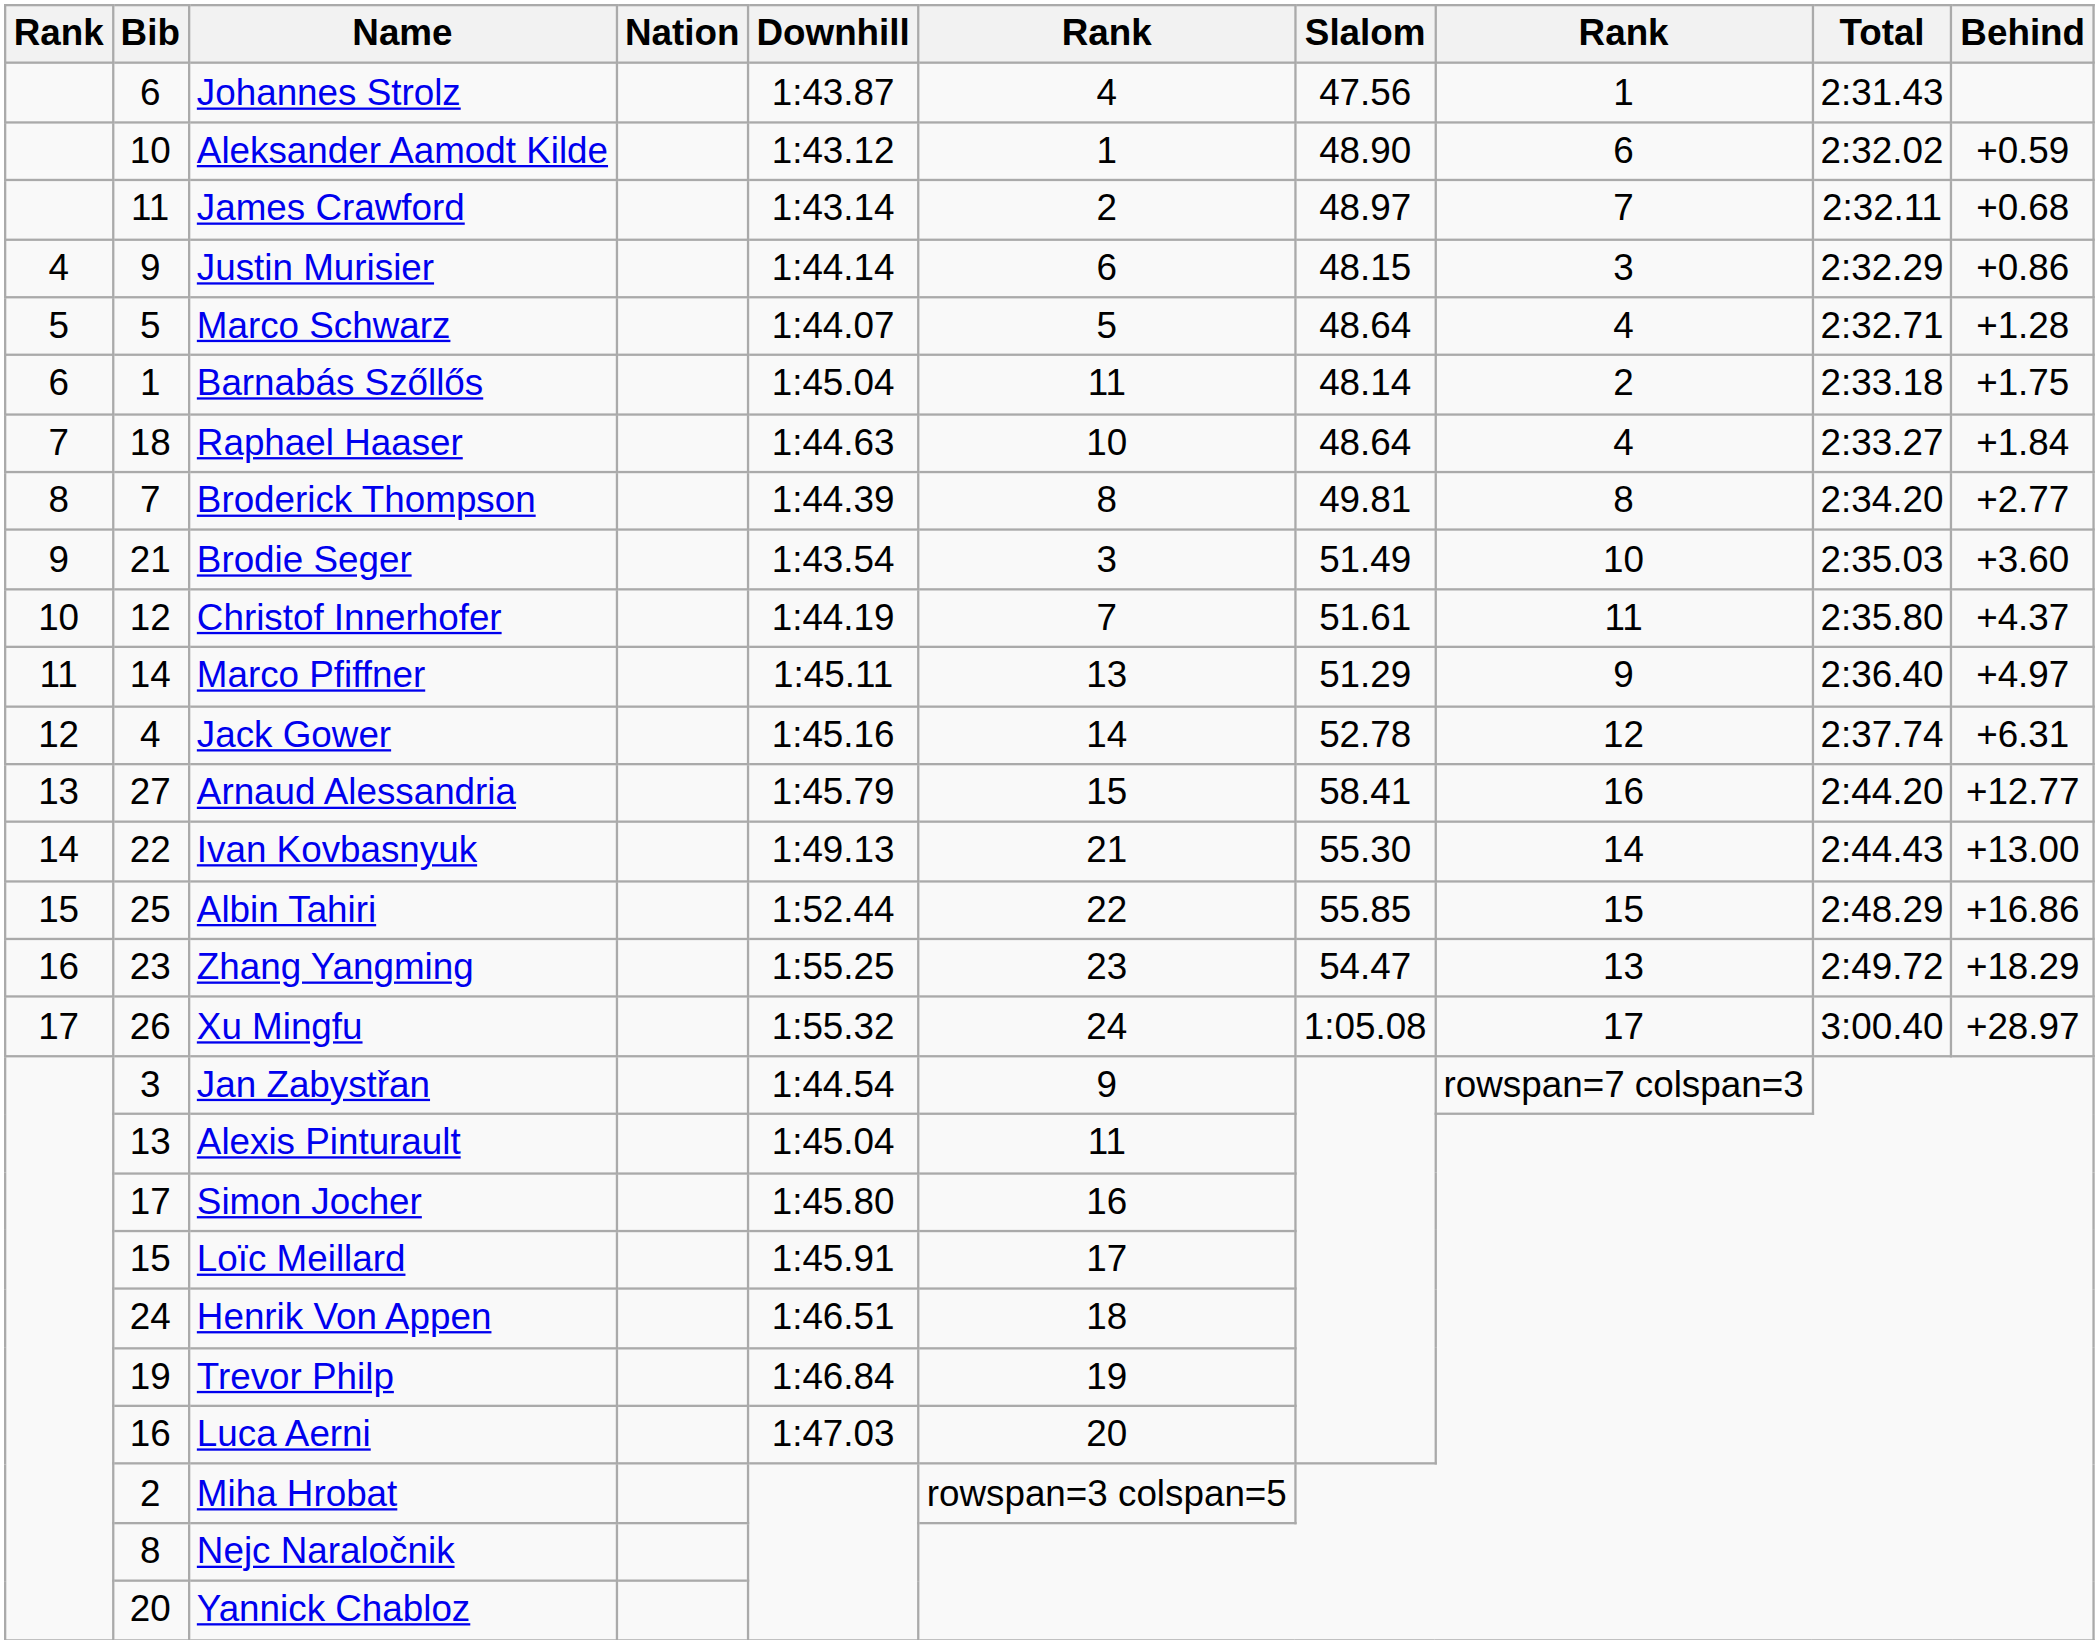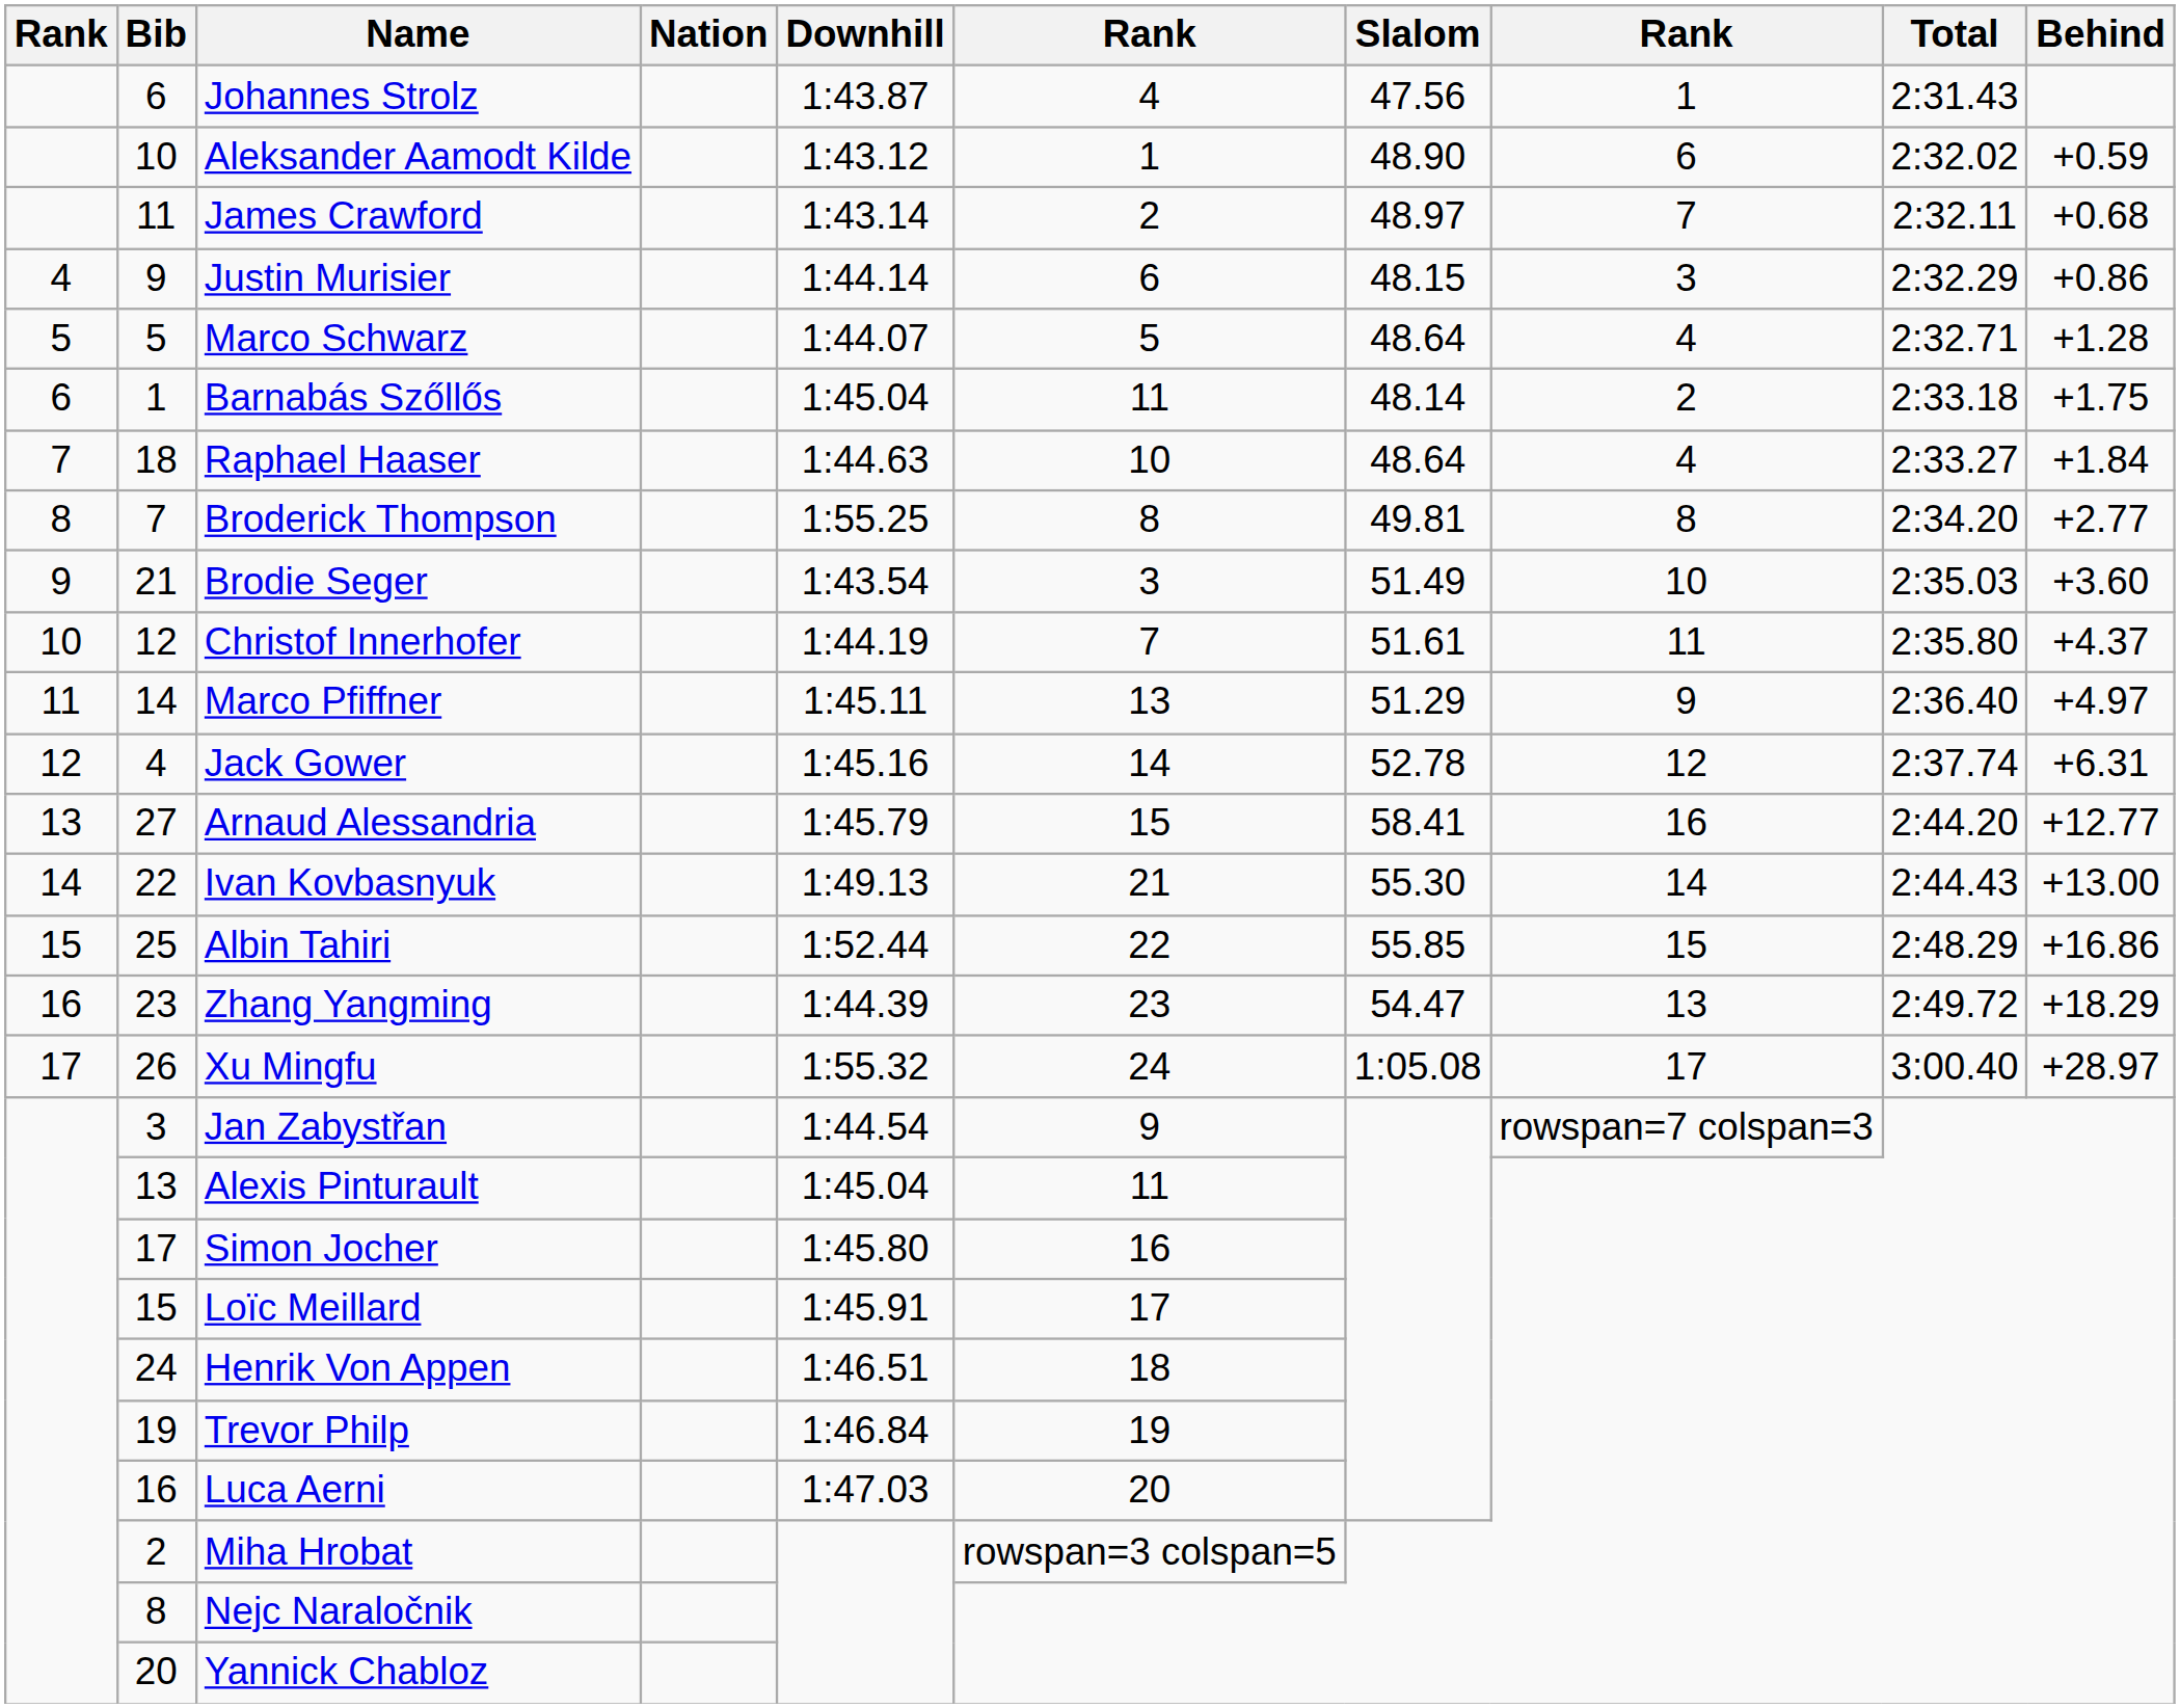 <table class="wikitable sortable" style="text-align:center">
 <tr>
 <th>Rank</th>
 <th>Bib</th>
 <th>Name</th>
 <th>Nation</th>
 <th>Downhill</th>
 <th>Rank</th>
 <th>Slalom</th>
 <th>Rank</th>
 <th>Total</th>
 <th>Behind</th>
 </tr>
 <tr>
 <td></td>
 <td>6</td>
 <td align=left><a href='#'>Johannes Strolz</a></td>
 <td align=left></td>
 <td>1:43.87</td>
 <td>4</td>
 <td>47.56</td>
 <td>1</td>
 <td>2:31.43</td>
 <td></td>
 </tr>
 <tr>
 <td></td>
 <td>10</td>
 <td align=left><a href='#'>Aleksander Aamodt Kilde</a></td>
 <td align=left></td>
 <td>1:43.12</td>
 <td>1</td>
 <td>48.90</td>
 <td>6</td>
 <td>2:32.02</td>
 <td>+0.59</td>
 </tr>
 <tr>
 <td></td>
 <td>11</td>
 <td align=left><a href='#'>James Crawford</a></td>
 <td align=left></td>
 <td>1:43.14</td>
 <td>2</td>
 <td>48.97</td>
 <td>7</td>
 <td>2:32.11</td>
 <td>+0.68</td>
 </tr>
 <tr>
 <td>4</td>
 <td>9</td>
 <td align=left><a href='#'>Justin Murisier</a></td>
 <td align=left></td>
 <td>1:44.14</td>
 <td>6</td>
 <td>48.15</td>
 <td>3</td>
 <td>2:32.29</td>
 <td>+0.86</td>
 </tr>
 <tr>
 <td>5</td>
 <td>5</td>
 <td align=left><a href='#'>Marco Schwarz</a></td>
 <td align=left></td>
 <td>1:44.07</td>
 <td>5</td>
 <td>48.64</td>
 <td>4</td>
 <td>2:32.71</td>
 <td>+1.28</td>
 </tr>
 <tr>
 <td>6</td>
 <td>1</td>
 <td align=left><a href='#'>Barnabás Szőllős</a></td>
 <td align=left></td>
 <td>1:45.04</td>
 <td>11</td>
 <td>48.14</td>
 <td>2</td>
 <td>2:33.18</td>
 <td>+1.75</td>
 </tr>
 <tr>
 <td>7</td>
 <td>18</td>
 <td align=left><a href='#'>Raphael Haaser</a></td>
 <td align=left></td>
 <td>1:44.63</td>
 <td>10</td>
 <td>48.64</td>
 <td>4</td>
 <td>2:33.27</td>
 <td>+1.84</td>
 </tr>
 <tr>
 <td>8</td>
 <td>7</td>
 <td align=left><a href='#'>Broderick Thompson</a></td>
 <td align=left></td>
-<td>1:44.39</td>
+<td>1:55.25</td>
 <td>8</td>
 <td>49.81</td>
 <td>8</td>
 <td>2:34.20</td>
 <td>+2.77</td>
 </tr>
 <tr>
 <td>9</td>
 <td>21</td>
 <td align=left><a href='#'>Brodie Seger</a></td>
 <td align=left></td>
 <td>1:43.54</td>
 <td>3</td>
 <td>51.49</td>
 <td>10</td>
 <td>2:35.03</td>
 <td>+3.60</td>
 </tr>
 <tr>
 <td>10</td>
 <td>12</td>
 <td align=left><a href='#'>Christof Innerhofer</a></td>
 <td align=left></td>
 <td>1:44.19</td>
 <td>7</td>
 <td>51.61</td>
 <td>11</td>
 <td>2:35.80</td>
 <td>+4.37</td>
 </tr>
 <tr>
 <td>11</td>
 <td>14</td>
 <td align=left><a href='#'>Marco Pfiffner</a></td>
 <td align=left></td>
 <td>1:45.11</td>
 <td>13</td>
 <td>51.29</td>
 <td>9</td>
 <td>2:36.40</td>
 <td>+4.97</td>
 </tr>
 <tr>
 <td>12</td>
 <td>4</td>
 <td align=left><a href='#'>Jack Gower</a></td>
 <td align=left></td>
 <td>1:45.16</td>
 <td>14</td>
 <td>52.78</td>
 <td>12</td>
 <td>2:37.74</td>
 <td>+6.31</td>
 </tr>
 <tr>
 <td>13</td>
 <td>27</td>
 <td align=left><a href='#'>Arnaud Alessandria</a></td>
 <td align=left></td>
 <td>1:45.79</td>
 <td>15</td>
 <td>58.41</td>
 <td>16</td>
 <td>2:44.20</td>
 <td>+12.77</td>
 </tr>
 <tr>
 <td>14</td>
 <td>22</td>
 <td align=left><a href='#'>Ivan Kovbasnyuk</a></td>
 <td align=left></td>
 <td>1:49.13</td>
 <td>21</td>
 <td>55.30</td>
 <td>14</td>
 <td>2:44.43</td>
 <td>+13.00</td>
 </tr>
 <tr>
 <td>15</td>
 <td>25</td>
 <td align=left><a href='#'>Albin Tahiri</a></td>
 <td align=left></td>
 <td>1:52.44</td>
 <td>22</td>
 <td>55.85</td>
 <td>15</td>
 <td>2:48.29</td>
 <td>+16.86</td>
 </tr>
 <tr>
 <td>16</td>
 <td>23</td>
 <td align=left><a href='#'>Zhang Yangming</a></td>
 <td align=left></td>
-<td>1:55.25</td>
+<td>1:44.39</td>
 <td>23</td>
 <td>54.47</td>
 <td>13</td>
 <td>2:49.72</td>
 <td>+18.29</td>
 </tr>
 <tr>
 <td>17</td>
 <td>26</td>
 <td align=left><a href='#'>Xu Mingfu</a></td>
 <td align=left></td>
 <td>1:55.32</td>
 <td>24</td>
 <td>1:05.08</td>
 <td>17</td>
 <td>3:00.40</td>
 <td>+28.97</td>
 </tr>
 <tr>
 <td rowspan=10></td>
 <td>3</td>
 <td align=left><a href='#'>Jan Zabystřan</a></td>
 <td align=left></td>
 <td>1:44.54</td>
 <td>9</td>
 <td rowspan=7></td>
 <td>rowspan=7 colspan=3 </td>
 </tr>
 <tr>
 <td>13</td>
 <td align=left><a href='#'>Alexis Pinturault</a></td>
 <td align=left></td>
 <td>1:45.04</td>
 <td>11</td>
 </tr>
 <tr>
 <td>17</td>
 <td align=left><a href='#'>Simon Jocher</a></td>
 <td align=left></td>
 <td>1:45.80</td>
 <td>16</td>
 </tr>
 <tr>
 <td>15</td>
 <td align=left><a href='#'>Loïc Meillard</a></td>
 <td align=left></td>
 <td>1:45.91</td>
 <td>17</td>
 </tr>
 <tr>
 <td>24</td>
 <td align=left><a href='#'>Henrik Von Appen</a></td>
 <td align=left></td>
 <td>1:46.51</td>
 <td>18</td>
 </tr>
 <tr>
 <td>19</td>
 <td align=left><a href='#'>Trevor Philp</a></td>
 <td align=left></td>
 <td>1:46.84</td>
 <td>19</td>
 </tr>
 <tr>
 <td>16</td>
 <td align=left><a href='#'>Luca Aerni</a></td>
 <td align=left></td>
 <td>1:47.03</td>
 <td>20</td>
 </tr>
 <tr>
 <td>2</td>
 <td align=left><a href='#'>Miha Hrobat</a></td>
 <td align=left></td>
 <td rowspan=3></td>
 <td>rowspan=3 colspan=5 </td>
 </tr>
 <tr>
 <td>8</td>
 <td align=left><a href='#'>Nejc Naraločnik</a></td>
 <td align=left></td>
 </tr>
 <tr>
 <td>20</td>
 <td align=left><a href='#'>Yannick Chabloz</a></td>
 <td align=left></td>
 </tr>
 </table>
